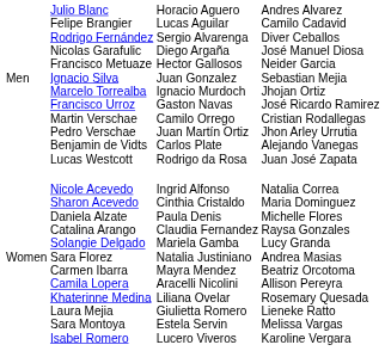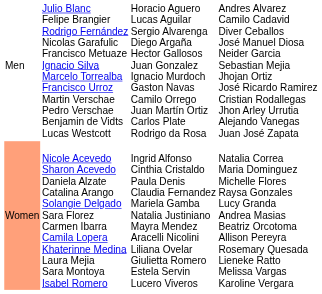 <table>
 <tr>
 <td>Men</td>
 <td nowrap><br><a href='#'>Julio Blanc</a><br>Felipe Brangier<br><a href='#'>Rodrigo Fernández</a><br>Nicolas Garafulic<br>Francisco Metuaze<br><a href='#'>Ignacio Silva</a><br><a href='#'>Marcelo Torrealba</a><br><a href='#'>Francisco Urroz</a><br>Martin Verschae<br>Pedro Verschae<br>Benjamin de Vidts<br>Lucas Westcott</td>
 <td><br>Horacio Aguero<br>Lucas Aguilar<br>Sergio Alvarenga<br>Diego Argaña<br>Hector Gallosos<br>Juan Gonzalez<br>Ignacio Murdoch<br>Gaston Navas<br>Camilo Orrego<br>Juan Martín Ortiz<br>Carlos Plate<br>Rodrigo da Rosa</td>
 <td nowrap><br>Andres Alvarez<br>Camilo Cadavid<br>Diver Ceballos<br>José Manuel Diosa<br>Neider Garcia<br>Sebastian Mejia<br>Jhojan Ortiz<br>José Ricardo Ramirez<br>Cristian Rodallegas<br>Jhon Arley Urrutia<br>Alejando Vanegas<br>Juan José Zapata</td>
 </tr>
 <tr>
-<td>Women</td>
+<td style="background: lightsalmon;">Women</td>
 <td><br><a href='#'>Nicole Acevedo</a><br><a href='#'>Sharon Acevedo</a><br>Daniela Alzate<br>Catalina Arango<br><a href='#'>Solangie Delgado</a><br>Sara Florez<br>Carmen Ibarra<br><a href='#'>Camila Lopera</a><br><a href='#'>Khaterinne Medina</a><br>Laura Mejia<br>Sara Montoya<br><a href='#'>Isabel Romero</a></td>
 <td nowrap><br>Ingrid Alfonso<br>Cinthia Cristaldo<br>Paula Denis<br>Claudia Fernandez<br>Mariela Gamba<br>Natalia Justiniano<br>Mayra Mendez<br>Aracelli Nicolini<br>Liliana Ovelar<br>Giulietta Romero<br>Estela Servin<br>Lucero Viveros</td>
 <td><br>Natalia Correa<br>Maria Dominguez<br>Michelle Flores<br>Raysa Gonzales<br>Lucy Granda<br>Andrea Masias<br>Beatriz Orcotoma<br>Allison Pereyra<br>Rosemary Quesada<br>Lieneke Ratto<br>Melissa Vargas<br>Karoline Vergara</td>
 </tr>
 </table>
